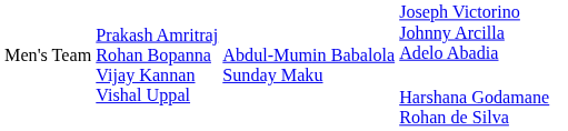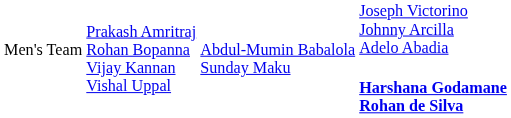 <table>
 <tr>
 <td rowspan=2>Men's Team</td>
 <td rowspan=2><br><a href='#'>Prakash Amritraj</a><br><a href='#'>Rohan Bopanna</a><br><a href='#'>Vijay Kannan</a><br><a href='#'>Vishal Uppal</a></td>
 <td rowspan=2><br><a href='#'>Abdul-Mumin Babalola</a><br><a href='#'>Sunday Maku</a></td>
 <td><br><a href='#'>Joseph Victorino</a><br><a href='#'>Johnny Arcilla</a><br><a href='#'>Adelo Abadia</a></td>
 </tr>
 <tr>
-<td><br><a href='#'>Harshana Godamane</a><br><a href='#'>Rohan de Silva</a></td>
+<td><strong><br><a href='#'>Harshana Godamane</a><br><a href='#'>Rohan de Silva</a></strong></td>
 </tr>
 </table>
